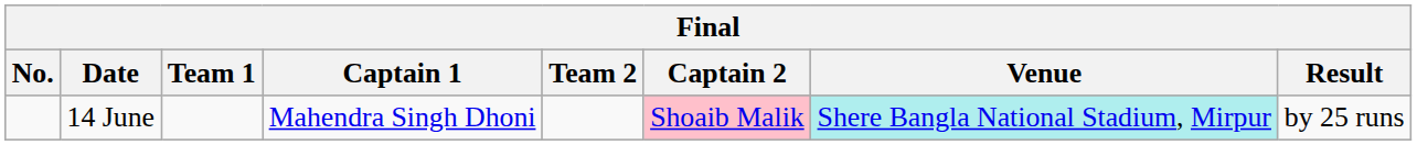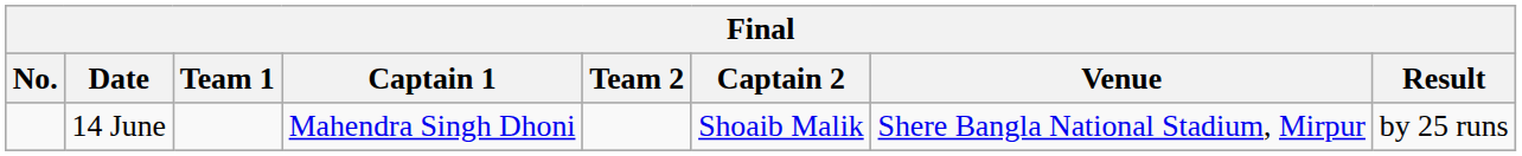 <table class="wikitable">
 <tr>
 <th colspan="8">Final</th>
 </tr>
 <tr>
 <th>No.</th>
 <th>Date</th>
 <th>Team 1</th>
 <th>Captain 1</th>
 <th>Team 2</th>
 <th>Captain 2</th>
 <th>Venue</th>
 <th>Result</th>
 </tr>
 <tr>
 <td></td>
 <td>14 June</td>
 <td></td>
 <td><a href='#'>Mahendra Singh Dhoni</a></td>
 <td></td>
-<td style="background: pink;"><a href='#'>Shoaib Malik</a></td>
-<td style="background: paleturquoise;"><a href='#'>Shere Bangla National Stadium</a>, <a href='#'>Mirpur</a></td>
+<td><a href='#'>Shoaib Malik</a></td>
+<td><a href='#'>Shere Bangla National Stadium</a>, <a href='#'>Mirpur</a></td>
 <td> by 25 runs</td>
 </tr>
 </table>
